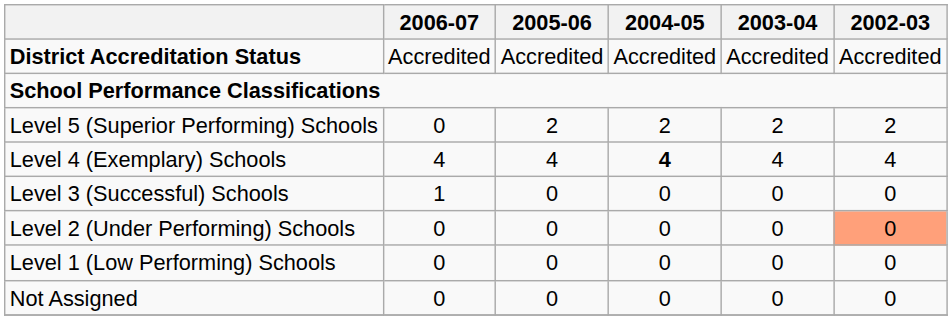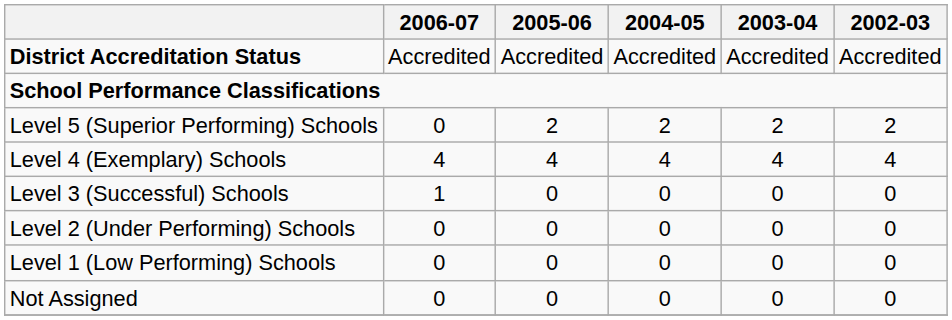 <table class="wikitable" style="font-size: 95%;">
 <tr>
 <th></th>
 <th>2006-07</th>
 <th>2005-06</th>
 <th>2004-05</th>
 <th>2003-04</th>
 <th>2002-03</th>
 </tr>
 <tr>
 <td align="left"><strong>District Accreditation Status</strong></td>
 <td align="center">Accredited</td>
 <td align="center">Accredited</td>
 <td align="center">Accredited</td>
 <td align="center">Accredited</td>
 <td align="center">Accredited</td>
 </tr>
 <tr>
 <td align="left" colspan="6"><strong>School Performance Classifications</strong></td>
 </tr>
 <tr>
 <td align="left">Level 5 (Superior Performing) Schools</td>
 <td align="center">0</td>
 <td align="center">2</td>
 <td align="center">2</td>
 <td align="center">2</td>
 <td align="center">2</td>
 </tr>
 <tr>
 <td align="left">Level 4 (Exemplary) Schools</td>
 <td align="center">4</td>
 <td align="center">4</td>
-<td align="center"><strong>4</strong></td>
+<td align="center">4</td>
 <td align="center">4</td>
 <td align="center">4</td>
 </tr>
 <tr>
 <td align="left">Level 3 (Successful) Schools</td>
 <td align="center">1</td>
 <td align="center">0</td>
 <td align="center">0</td>
 <td align="center">0</td>
 <td align="center">0</td>
 </tr>
 <tr>
 <td align="left">Level 2 (Under Performing) Schools</td>
 <td align="center">0</td>
 <td align="center">0</td>
 <td align="center">0</td>
 <td align="center">0</td>
-<td align="center" style="background: lightsalmon;">0</td>
+<td align="center">0</td>
 </tr>
 <tr>
 <td align="left">Level 1 (Low Performing) Schools</td>
 <td align="center">0</td>
 <td align="center">0</td>
 <td align="center">0</td>
 <td align="center">0</td>
 <td align="center">0</td>
 </tr>
 <tr>
 <td align="left">Not Assigned</td>
 <td align="center">0</td>
 <td align="center">0</td>
 <td align="center">0</td>
 <td align="center">0</td>
 <td align="center">0</td>
 </tr>
 <tr>
 </tr>
 </table>
